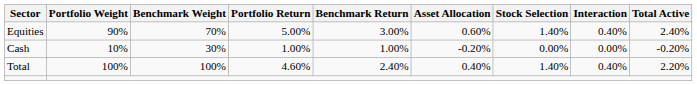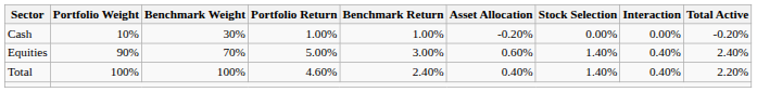 <table class="wikitable">
 <tr>
 <th>Sector</th>
 <th>Portfolio Weight</th>
 <th>Benchmark Weight</th>
 <th>Portfolio Return</th>
 <th>Benchmark Return</th>
 <th>Asset Allocation</th>
 <th>Stock Selection</th>
 <th>Interaction</th>
 <th>Total Active</th>
 </tr>
 <tr>
+<td>Cash</td>
+<td align="right">10%</td>
+<td align="right">30%</td>
+<td align="right">1.00%</td>
+<td align="right">1.00%</td>
+<td align="right">-0.20%</td>
+<td align="right">0.00%</td>
+<td align="right">0.00%</td>
+<td align="right">-0.20%</td>
+</tr>
+<tr>
 <td>Equities</td>
 <td align="right">90%</td>
 <td align="right">70%</td>
 <td align="right">5.00%</td>
 <td align="right">3.00%</td>
 <td align="right">0.60%</td>
 <td align="right">1.40%</td>
 <td align="right">0.40%</td>
 <td align="right">2.40%</td>
-</tr>
-<tr>
-<td>Cash</td>
-<td align="right">10%</td>
-<td align="right">30%</td>
-<td align="right">1.00%</td>
-<td align="right">1.00%</td>
-<td align="right">-0.20%</td>
-<td align="right">0.00%</td>
-<td align="right">0.00%</td>
-<td align="right">-0.20%</td>
 </tr>
 <tr>
 <td>Total</td>
 <td align="right">100%</td>
 <td align="right">100%</td>
 <td align="right">4.60%</td>
 <td align="right">2.40%</td>
 <td align="right">0.40%</td>
 <td align="right">1.40%</td>
 <td align="right">0.40%</td>
 <td align="right">2.20%</td>
 </tr>
 <tr>
 <td></td>
 </tr>
 </table>
